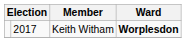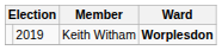 <table class="wikitable">
 <tr>
 <th colspan="2">Election</th>
 <th>Member</th>
 <th>Ward</th>
 </tr>
 <tr>
 <td style="background-color: "></td>
-<td>2017</td>
+<td>2019</td>
 <td>Keith Witham</td>
 <td><strong>Worplesdon</strong></td>
 </tr>
 <tr>
 </tr>
 </table>
